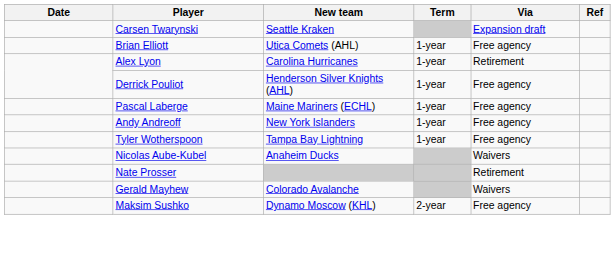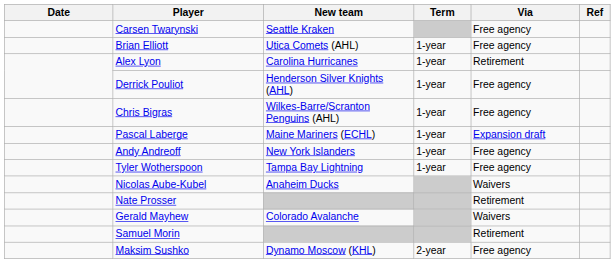 <table class="wikitable">
 <tr style="background:#ddd; text-align:center;">
 <th style="width: 10em;">Date</th>
 <th style="width: 14em;">Player</th>
 <th style="width: 14em;">New team</th>
 <th style="width: 5em;">Term</th>
 <th style="width: 10em;">Via</th>
 <th style="width: 2.5em;">Ref</th>
 </tr>
 <tr>
 <td></td>
 <td><a href='#'>Carsen Twarynski</a></td>
 <td><a href='#'>Seattle Kraken</a></td>
 <td style="background:#ccc;"></td>
-<td><a href='#'>Expansion draft</a></td>
+<td>Free agency</td>
 <td></td>
 </tr>
 <tr>
 <td></td>
 <td><a href='#'>Brian Elliott</a></td>
 <td><a href='#'>Utica Comets</a> (AHL)</td>
 <td>1-year</td>
 <td>Free agency</td>
 <td></td>
 </tr>
 <tr>
 <td rowspan=2></td>
 <td><a href='#'>Alex Lyon</a></td>
 <td><a href='#'>Carolina Hurricanes</a></td>
 <td>1-year</td>
 <td>Retirement</td>
 <td></td>
 </tr>
 <tr>
 <td><a href='#'>Derrick Pouliot</a></td>
 <td><a href='#'>Henderson Silver Knights</a> (<a href='#'>AHL</a>)</td>
 <td>1-year</td>
 <td>Free agency</td>
 <td></td>
 </tr>
 <tr>
 <td></td>
+<td><a href='#'>Chris Bigras</a></td>
+<td><a href='#'>Wilkes-Barre/Scranton Penguins</a> (AHL)</td>
+<td>1-year</td>
+<td>Free agency</td>
+<td></td>
+</tr>
+<tr>
+<td></td>
 <td><a href='#'>Pascal Laberge</a></td>
 <td><a href='#'>Maine Mariners</a> (<a href='#'>ECHL</a>)</td>
 <td>1-year</td>
-<td>Free agency</td>
+<td><a href='#'>Expansion draft</a></td>
 <td></td>
 </tr>
 <tr>
 <td></td>
 <td><a href='#'>Andy Andreoff</a></td>
 <td><a href='#'>New York Islanders</a></td>
 <td>1-year</td>
 <td>Free agency</td>
 <td></td>
 </tr>
 <tr>
 <td></td>
 <td><a href='#'>Tyler Wotherspoon</a></td>
 <td><a href='#'>Tampa Bay Lightning</a></td>
 <td>1-year</td>
 <td>Free agency</td>
 <td></td>
 </tr>
 <tr>
 <td></td>
 <td><a href='#'>Nicolas Aube-Kubel</a></td>
 <td><a href='#'>Anaheim Ducks</a></td>
 <td style="background:#ccc"></td>
 <td>Waivers</td>
 <td></td>
 </tr>
 <tr>
 <td></td>
 <td><a href='#'>Nate Prosser</a></td>
 <td style="background:#ccc;"></td>
 <td style="background:#ccc;"></td>
 <td>Retirement</td>
 <td></td>
 </tr>
 <tr>
 <td></td>
 <td><a href='#'>Gerald Mayhew</a></td>
 <td><a href='#'>Colorado Avalanche</a></td>
 <td style="background:#ccc;"></td>
 <td>Waivers</td>
 <td></td>
 </tr>
 <tr>
 <td></td>
+<td><a href='#'>Samuel Morin</a></td>
+<td style="background:#ccc;"></td>
+<td style="background:#ccc;"></td>
+<td>Retirement</td>
+<td></td>
+</tr>
+<tr>
+<td></td>
 <td><a href='#'>Maksim Sushko</a></td>
 <td><a href='#'>Dynamo Moscow</a> (<a href='#'>KHL</a>)</td>
 <td>2-year</td>
 <td>Free agency</td>
 <td></td>
 </tr>
 </table>
